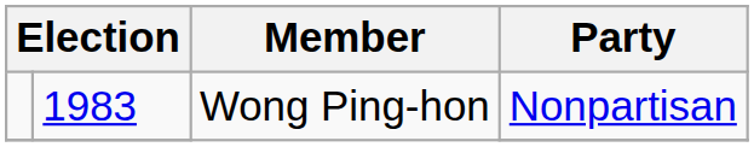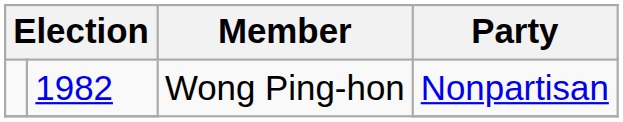 <table class="wikitable">
 <tr>
 <th colspan="2">Election</th>
 <th>Member</th>
 <th>Party</th>
 </tr>
 <tr>
 <td style="background-color: "></td>
-<td><a href='#'>1983</a></td>
+<td><a href='#'>1982</a></td>
 <td rowspan=2>Wong Ping-hon</td>
 <td><a href='#'>Nonpartisan</a></td>
 </tr>
 <tr>
 </tr>
 </table>
